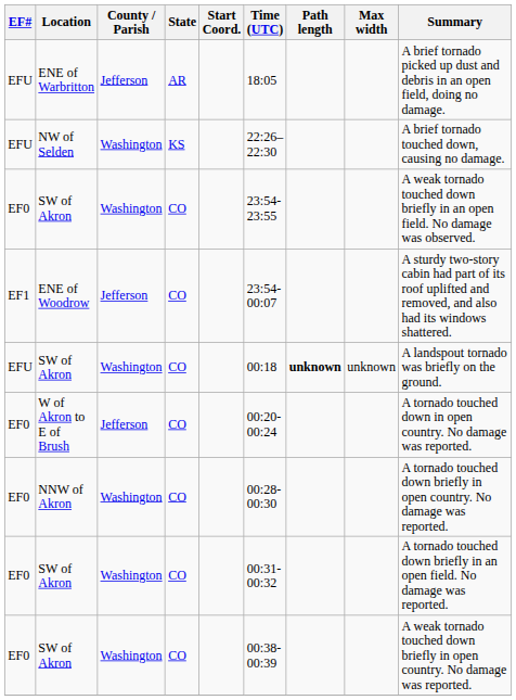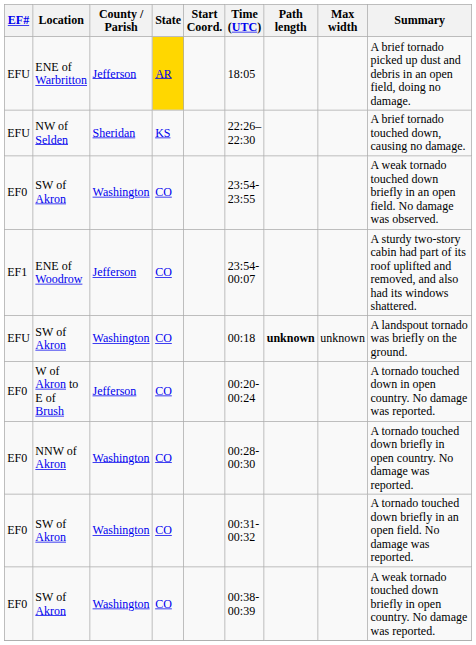 <table class="wikitable sortable" style="width:100%;">
 <tr>
 <th scope="col"  style="width:3%; text-align:center;"><a href='#'>EF#</a></th>
 <th scope="col"  style="width:7%; text-align:center;" class="unsortable">Location</th>
 <th scope="col"  style="width:6%; text-align:center;" class="unsortable">County / Parish</th>
 <th scope="col"  style="width:5%; text-align:center;">State</th>
 <th scope="col"  style="width:6%; text-align:center;">Start Coord.</th>
 <th scope="col"  style="width:6%; text-align:center;">Time (<a href='#'>UTC</a>)</th>
 <th scope="col"  style="width:6%; text-align:center;">Path length</th>
 <th scope="col"  style="width:6%; text-align:center;">Max width</th>
 <th scope="col" class="unsortable" style="width:48%; text-align:center;">Summary</th>
 </tr>
 <tr>
 <td>EFU</td>
 <td>ENE of <a href='#'>Warbritton</a></td>
 <td><a href='#'>Jefferson</a></td>
-<td><a href='#'>AR</a></td>
+<td style="background: gold;"><a href='#'>AR</a></td>
 <td></td>
 <td>18:05</td>
 <td></td>
 <td></td>
 <td>A brief tornado picked up dust and debris in an open field, doing no damage.</td>
 </tr>
 <tr>
 <td>EFU</td>
 <td>NW of <a href='#'>Selden</a></td>
-<td><a href='#'>Washington</a></td>
+<td><a href='#'>Sheridan</a></td>
 <td><a href='#'>KS</a></td>
 <td></td>
 <td>22:26–22:30</td>
 <td></td>
 <td></td>
 <td>A brief tornado touched down, causing no damage.</td>
 </tr>
 <tr>
 <td>EF0</td>
 <td>SW of <a href='#'>Akron</a></td>
 <td><a href='#'>Washington</a></td>
 <td><a href='#'>CO</a></td>
 <td></td>
 <td>23:54-23:55</td>
 <td></td>
 <td></td>
 <td>A weak tornado touched down briefly in an open field. No damage was observed.</td>
 </tr>
 <tr>
 <td>EF1</td>
 <td>ENE of <a href='#'>Woodrow</a></td>
 <td><a href='#'>Jefferson</a></td>
 <td><a href='#'>CO</a></td>
 <td></td>
 <td>23:54-00:07</td>
 <td></td>
 <td></td>
 <td>A sturdy two-story cabin had part of its roof uplifted and removed, and also had its windows shattered.</td>
 </tr>
 <tr>
 <td>EFU</td>
 <td>SW of <a href='#'>Akron</a></td>
 <td><a href='#'>Washington</a></td>
 <td><a href='#'>CO</a></td>
 <td></td>
 <td>00:18</td>
 <td><strong>unknown</strong></td>
 <td>unknown</td>
 <td>A landspout tornado was briefly on the ground.</td>
 </tr>
 <tr>
 <td>EF0</td>
 <td>W of <a href='#'>Akron</a> to E of <a href='#'>Brush</a></td>
 <td><a href='#'>Jefferson</a></td>
 <td><a href='#'>CO</a></td>
 <td></td>
 <td>00:20-00:24</td>
 <td></td>
 <td></td>
 <td>A tornado touched down in open country. No damage was reported.</td>
 </tr>
 <tr>
 <td>EF0</td>
 <td>NNW of <a href='#'>Akron</a></td>
 <td><a href='#'>Washington</a></td>
 <td><a href='#'>CO</a></td>
 <td></td>
 <td>00:28-00:30</td>
 <td></td>
 <td></td>
 <td>A tornado touched down briefly in open country. No damage was reported.</td>
 </tr>
 <tr>
 <td>EF0</td>
 <td>SW of <a href='#'>Akron</a></td>
 <td><a href='#'>Washington</a></td>
 <td><a href='#'>CO</a></td>
 <td></td>
 <td>00:31-00:32</td>
 <td></td>
 <td></td>
 <td>A tornado touched down briefly in an open field. No damage was reported.</td>
 </tr>
 <tr>
 <td>EF0</td>
 <td>SW of <a href='#'>Akron</a></td>
 <td><a href='#'>Washington</a></td>
 <td><a href='#'>CO</a></td>
 <td></td>
 <td>00:38-00:39</td>
 <td></td>
 <td></td>
 <td>A weak tornado touched down briefly in open country. No damage was reported.</td>
 </tr>
 <tr>
 </tr>
 </table>
